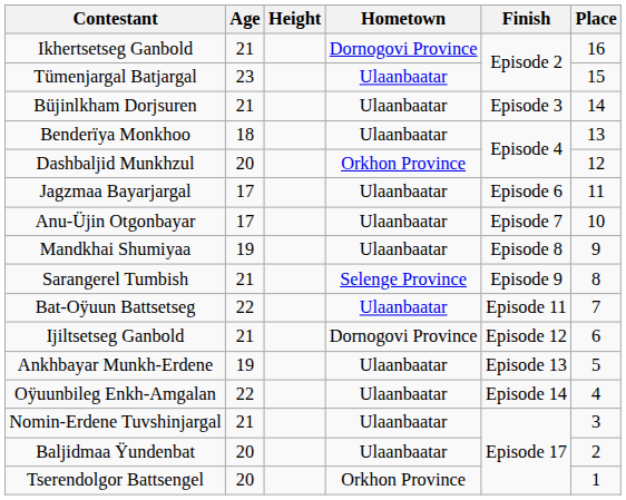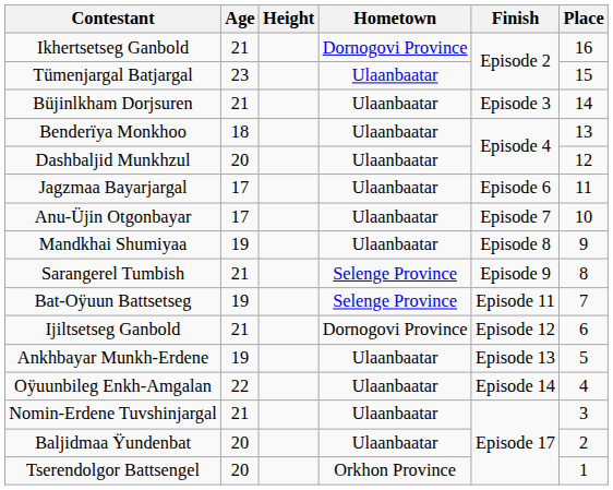 <table class="wikitable sortable" style="text-align:center;">
 <tr>
 <th>Contestant</th>
 <th>Age</th>
 <th>Height</th>
 <th>Hometown</th>
 <th>Finish</th>
 <th>Place</th>
 </tr>
 <tr>
 <td>Ikhertsetseg Ganbold</td>
 <td>21</td>
 <td></td>
 <td><a href='#'>Dornogovi Province</a></td>
 <td rowspan="2">Episode 2</td>
 <td>16</td>
 </tr>
 <tr>
 <td>Tümenjargal Batjargal</td>
 <td>23</td>
 <td></td>
 <td><a href='#'>Ulaanbaatar</a></td>
 <td>15</td>
 </tr>
 <tr>
 <td>Büjinlkham Dorjsuren</td>
 <td>21</td>
 <td></td>
 <td>Ulaanbaatar</td>
 <td>Episode 3</td>
 <td>14</td>
 </tr>
 <tr>
 <td>Benderïya Monkhoo</td>
 <td>18</td>
 <td></td>
 <td>Ulaanbaatar</td>
 <td rowspan="2">Episode 4</td>
 <td>13</td>
 </tr>
 <tr>
 <td>Dashbaljid Munkhzul</td>
 <td>20</td>
 <td></td>
-<td><a href='#'>Orkhon Province</a></td>
+<td>Ulaanbaatar</td>
 <td>12</td>
 </tr>
 <tr>
 <td>Jagzmaa Bayarjargal</td>
 <td>17</td>
 <td></td>
 <td>Ulaanbaatar</td>
 <td>Episode 6</td>
 <td>11</td>
 </tr>
 <tr>
 <td>Anu-Üjin Otgonbayar</td>
 <td>17</td>
 <td></td>
 <td>Ulaanbaatar</td>
 <td>Episode 7</td>
 <td>10</td>
 </tr>
 <tr>
 <td>Mandkhai Shumiyaa</td>
 <td>19</td>
 <td></td>
 <td>Ulaanbaatar</td>
 <td>Episode 8</td>
 <td>9</td>
 </tr>
 <tr>
 <td>Sarangerel Tumbish</td>
 <td>21</td>
 <td></td>
 <td><a href='#'>Selenge Province</a></td>
 <td>Episode 9</td>
 <td>8</td>
 </tr>
 <tr>
 <td>Bat-Oÿuun Battsetseg</td>
-<td>22</td>
+<td>19</td>
 <td></td>
-<td><a href='#'>Ulaanbaatar</a></td>
+<td><a href='#'>Selenge Province</a></td>
 <td>Episode 11</td>
 <td>7</td>
 </tr>
 <tr>
 <td>Ijiltsetseg Ganbold</td>
 <td>21</td>
 <td></td>
 <td>Dornogovi Province</td>
 <td>Episode 12</td>
 <td>6</td>
 </tr>
 <tr>
 <td>Ankhbayar Munkh-Erdene</td>
 <td>19</td>
 <td></td>
 <td>Ulaanbaatar</td>
 <td>Episode 13</td>
 <td>5</td>
 </tr>
 <tr>
 <td>Oÿuunbileg Enkh-Amgalan</td>
 <td>22</td>
 <td></td>
 <td>Ulaanbaatar</td>
 <td>Episode 14</td>
 <td>4</td>
 </tr>
 <tr>
 <td>Nomin-Erdene Tuvshinjargal</td>
 <td>21</td>
 <td></td>
 <td>Ulaanbaatar</td>
 <td rowspan="3">Episode 17</td>
 <td>3</td>
 </tr>
 <tr>
 <td>Baljidmaa Ÿundenbat</td>
 <td>20</td>
 <td></td>
 <td>Ulaanbaatar</td>
 <td>2</td>
 </tr>
 <tr>
 <td>Tserendolgor Battsengel</td>
 <td>20</td>
 <td></td>
 <td>Orkhon Province</td>
 <td>1</td>
 </tr>
 </table>
